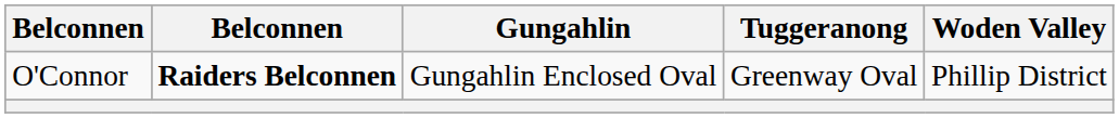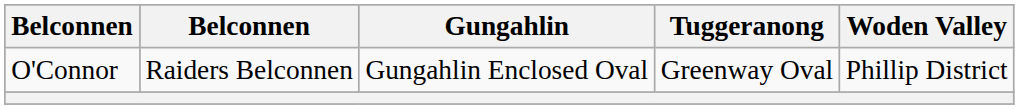 <table class="wikitable">
 <tr>
 <th>Belconnen</th>
 <th>Belconnen</th>
 <th>Gungahlin</th>
 <th>Tuggeranong</th>
 <th>Woden Valley</th>
 </tr>
 <tr>
 <td>O'Connor</td>
-<td><strong>Raiders Belconnen</strong></td>
+<td>Raiders Belconnen</td>
 <td>Gungahlin Enclosed Oval</td>
 <td>Greenway Oval</td>
 <td>Phillip District</td>
 </tr>
 <tr>
 <th colspan="5"></th>
 </tr>
 </table>
